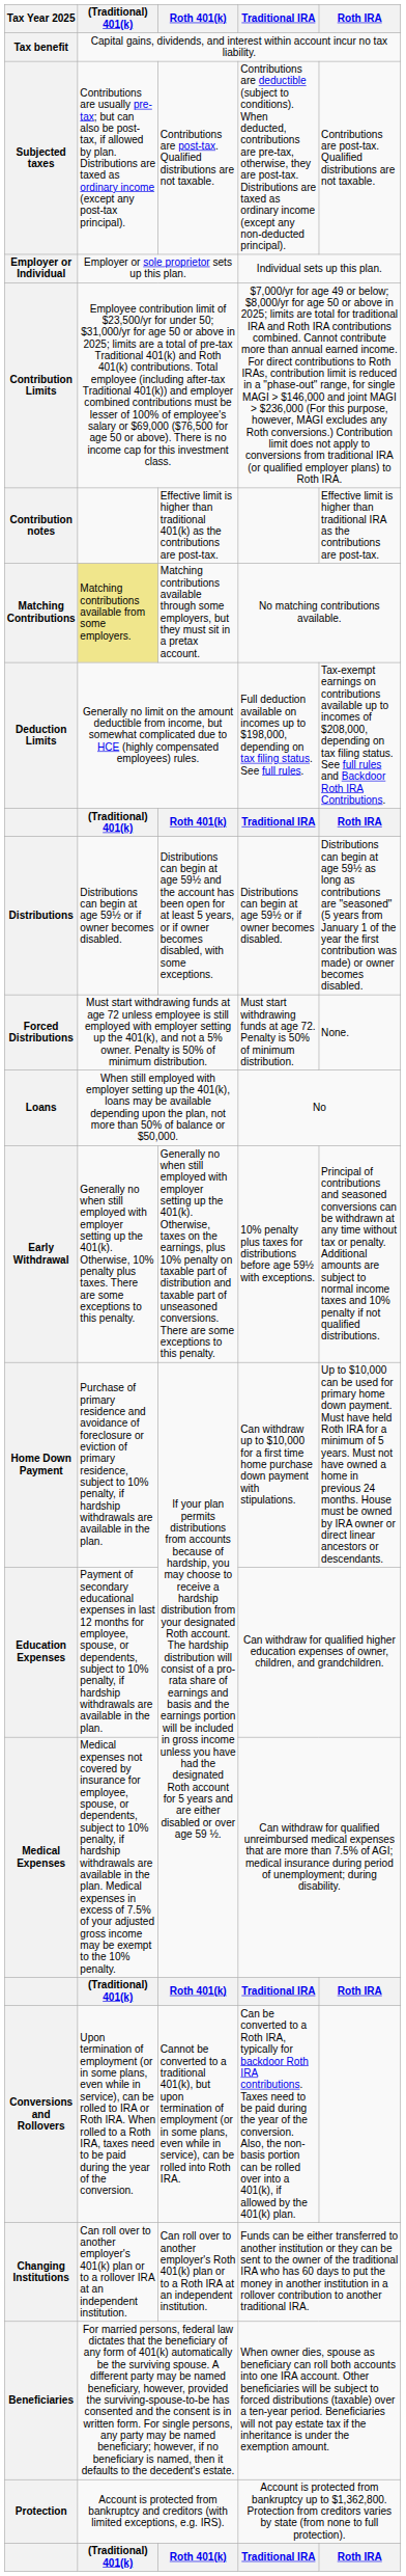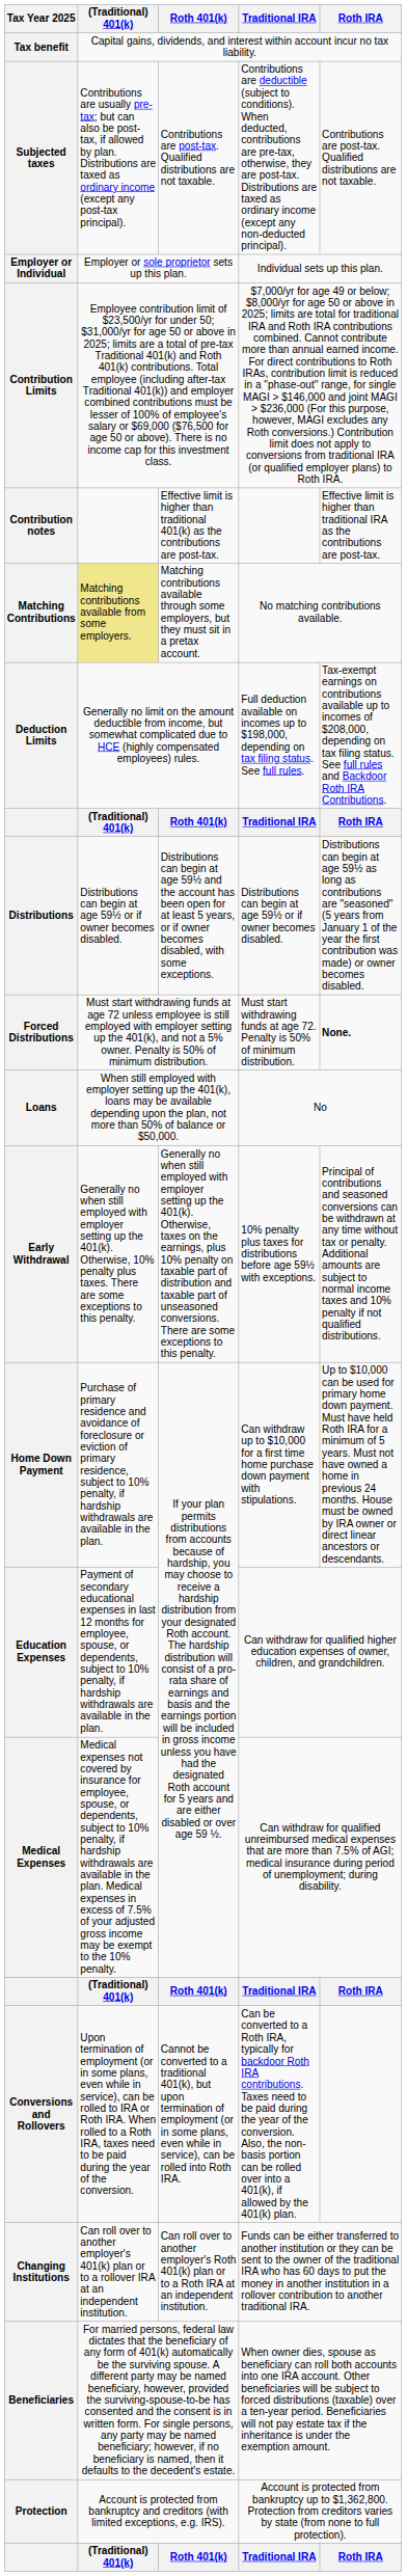 <table class="wikitable">
 <tr agi>
 <th width=4%>Tax Year 2025</th>
 <th width=24%>(Traditional) <a href='#'>401(k)</a></th>
 <th width=24%><a href='#'>Roth 401(k)</a></th>
 <th width=24%><a href='#'>Traditional IRA</a></th>
 <th width=24%><a href='#'>Roth IRA</a></th>
 </tr>
 <tr>
 <th>Tax benefit</th>
 <td colspan="4" align="center">Capital gains, dividends, and interest within account incur no tax liability.</td>
 </tr>
 <tr>
 <th>Subjected taxes</th>
 <td>Contributions are usually <a href='#'>pre-tax</a>; but can also be post-tax, if allowed by plan. Distributions are taxed as <a href='#'>ordinary income</a> (except any post-tax principal).</td>
 <td>Contributions are <a href='#'>post-tax</a>. Qualified distributions are not taxable.</td>
 <td>Contributions are <a href='#'>deductible</a> (subject to conditions). When deducted, contributions are pre-tax, otherwise, they are post-tax. Distributions are taxed as ordinary income (except any non-deducted principal).</td>
 <td>Contributions are post-tax. Qualified distributions are not taxable.</td>
 </tr>
 <tr>
 <th>Employer or Individual</th>
 <td colspan="2" align="center">Employer or <a href='#'>sole proprietor</a> sets up this plan.</td>
 <td colspan="2" align="center">Individual sets up this plan.</td>
 </tr>
 <tr>
 <th>Contribution Limits</th>
 <td colspan="2" align="center">Employee contribution limit of $23,500/yr for under 50; $31,000/yr for age 50 or above in 2025; limits are a total of pre-tax Traditional 401(k) and Roth 401(k) contributions. Total employee (including after-tax Traditional 401(k)) and employer combined contributions must be lesser of 100% of employee's salary or $69,000 ($76,500 for age 50 or above). There is no income cap for this investment class.</td>
 <td colspan="2" align="center">$7,000/yr for age 49 or below; $8,000/yr for age 50 or above in 2025; limits are total for traditional IRA and Roth IRA contributions combined. Cannot contribute more than annual earned income. For direct contributions to Roth IRAs, contribution limit is reduced in a "phase-out" range, for single MAGI > $146,000 and joint MAGI > $236,000 (For this purpose, however, MAGI excludes any Roth conversions.)  Contribution limit does not apply to conversions from traditional IRA (or qualified employer plans) to Roth IRA.</td>
 </tr>
 <tr>
 <th>Contribution notes</th>
 <td></td>
 <td>Effective limit is higher than traditional 401(k) as the contributions are post-tax.</td>
 <td></td>
 <td>Effective limit is higher than traditional IRA as the contributions are post-tax.</td>
 </tr>
 <tr>
 <th>Matching Contributions</th>
 <td style="background: khaki;">Matching contributions available from some employers.</td>
 <td>Matching contributions available through some employers, but they must sit in a pretax account.</td>
 <td colspan="2" align="center">No matching contributions available.</td>
 </tr>
 <tr>
 <th>Deduction Limits</th>
 <td colspan="2" align="center">Generally no limit on the amount deductible from income, but somewhat complicated due to <a href='#'>HCE</a> (highly compensated employees) rules.</td>
 <td>Full deduction available on incomes up to $198,000, depending on <a href='#'>tax filing status</a>. See <a href='#'>full rules</a>.</td>
 <td>Tax-exempt earnings on contributions available up to incomes of $208,000, depending on tax filing status. See <a href='#'>full rules</a> and <a href='#'>Backdoor Roth IRA Contributions</a>.</td>
 </tr>
 <tr>
 <th></th>
 <th>(Traditional) <a href='#'>401(k)</a></th>
 <th><a href='#'>Roth 401(k)</a></th>
 <th><a href='#'>Traditional IRA</a></th>
 <th><a href='#'>Roth IRA</a></th>
 </tr>
 <tr>
 <th>Distributions</th>
 <td>Distributions can begin at age 59½ or if owner becomes disabled.</td>
 <td>Distributions can begin at age 59½ and the account has been open for at least 5 years, or if owner becomes disabled, with some exceptions.</td>
 <td>Distributions can begin at age 59½ or if owner becomes disabled.</td>
 <td>Distributions can begin at age 59½ as long as contributions are "seasoned" (5 years from January 1 of the year the first contribution was made) or owner becomes disabled.</td>
 </tr>
 <tr>
 <th>Forced Distributions</th>
 <td colspan="2" align="center">Must start withdrawing funds at age 72 unless employee is still employed with employer setting up the 401(k), and not a 5% owner. Penalty is 50% of minimum distribution.</td>
 <td>Must start withdrawing funds at age 72. Penalty is 50% of minimum distribution.</td>
-<td>None.</td>
+<td><strong>None.</strong></td>
 </tr>
 <tr>
 <th>Loans</th>
 <td colspan="2" align="center">When still employed with employer setting up the 401(k), loans may be available depending upon the plan, not more than 50% of balance or $50,000.</td>
 <td colspan="2" align="center">No</td>
 </tr>
 <tr>
 <th>Early Withdrawal</th>
 <td>Generally no when still employed with employer setting up the 401(k). Otherwise, 10% penalty plus taxes. There are some exceptions to this penalty.</td>
 <td>Generally no when still employed with employer setting up the 401(k). Otherwise, taxes on the earnings, plus 10% penalty on taxable part of distribution and taxable part of unseasoned conversions. There are some exceptions to this penalty.</td>
 <td>10% penalty plus taxes for distributions before age 59½ with exceptions.</td>
 <td>Principal of contributions and seasoned conversions can be withdrawn at any time without tax or penalty. Additional amounts are subject to normal income taxes and 10% penalty if not qualified distributions.</td>
 </tr>
 <tr>
 <th>Home Down Payment</th>
 <td>Purchase of primary residence and avoidance of foreclosure or eviction of primary residence, subject to 10% penalty, if hardship withdrawals are available in the plan.</td>
 <td rowspan="3" align="center">If your plan permits distributions from accounts because of hardship, you may choose to receive a hardship distribution from your designated Roth account. The hardship distribution will consist of a pro-rata share of earnings and basis and the earnings portion will be included in gross income unless you have had the designated Roth account for 5 years and are either disabled or over age 59 ½.</td>
 <td>Can withdraw up to $10,000 for a first time home purchase down payment with stipulations.</td>
 <td>Up to $10,000 can be used for primary home down payment. Must have held Roth IRA for a minimum of 5 years. Must not have owned a home in previous 24 months. House must be owned by IRA owner or direct linear ancestors or descendants.</td>
 </tr>
 <tr>
 <th>Education Expenses</th>
 <td>Payment of secondary educational expenses in last 12 months for employee, spouse, or dependents, subject to 10% penalty, if hardship withdrawals are available in the plan.</td>
 <td colspan="2" align="center">Can withdraw for qualified higher education expenses of owner, children, and grandchildren.</td>
 </tr>
 <tr>
 <th>Medical Expenses</th>
 <td>Medical expenses not covered by insurance for employee, spouse, or dependents, subject to 10% penalty, if hardship withdrawals are available in the plan. Medical expenses in excess of 7.5% of your adjusted gross income may be exempt to the 10% penalty.</td>
 <td colspan="2" align="center">Can withdraw for qualified unreimbursed medical expenses that are more than 7.5% of AGI; medical insurance during period of unemployment; during disability.</td>
 </tr>
 <tr>
 <th></th>
 <th>(Traditional) <a href='#'>401(k)</a></th>
 <th><a href='#'>Roth 401(k)</a></th>
 <th><a href='#'>Traditional IRA</a></th>
 <th><a href='#'>Roth IRA</a></th>
 </tr>
 <tr>
 <th>Conversions and Rollovers</th>
 <td>Upon termination of employment (or in some plans, even while in service), can be rolled to IRA or Roth IRA.  When rolled to a Roth IRA, taxes need to be paid during the year of the conversion.</td>
 <td>Cannot be converted to a traditional 401(k), but upon termination of employment (or in some plans, even while in service), can be rolled into Roth IRA.</td>
 <td>Can be converted to a Roth IRA, typically for <a href='#'>backdoor Roth IRA contributions</a>. Taxes need to be paid during the year of the conversion. Also, the non-basis portion can be rolled over into a 401(k), if allowed by the 401(k) plan.</td>
 <td></td>
 </tr>
 <tr>
 <th>Changing Institutions</th>
 <td>Can roll over to another employer's 401(k) plan or to a rollover IRA at an independent institution.</td>
 <td>Can roll over to another employer's Roth 401(k) plan or to a Roth IRA at an independent institution.</td>
 <td colspan="2">Funds can be either transferred to another institution or they can be sent to the owner of the traditional IRA who has 60 days to put the money in another institution in a rollover contribution to another traditional IRA.</td>
 </tr>
 <tr>
 <th>Beneficiaries</th>
 <td colspan="2" align="center">For married persons, federal law dictates that the beneficiary of any form of 401(k) automatically be the surviving spouse. A different party may be named beneficiary, however, provided the surviving-spouse-to-be has consented and the consent is in written form. For single persons, any party may be named beneficiary; however, if no beneficiary is named, then it defaults to the decedent's estate.</td>
 <td colspan="2">When owner dies, spouse as beneficiary can roll both accounts into one IRA account. Other beneficiaries will be subject to forced distributions (taxable) over a ten-year period. Beneficiaries will not pay estate tax if the inheritance is under the exemption amount.</td>
 </tr>
 <tr>
 <th>Protection</th>
 <td colspan="2" align="center">Account is protected from bankruptcy and creditors (with limited exceptions, e.g. IRS).</td>
 <td colspan="2" align="center">Account is protected from bankruptcy up to $1,362,800. Protection from creditors varies by state (from none to full protection).</td>
 </tr>
 <tr>
 <th></th>
 <th>(Traditional) <a href='#'>401(k)</a></th>
 <th><a href='#'>Roth 401(k)</a></th>
 <th><a href='#'>Traditional IRA</a></th>
 <th><a href='#'>Roth IRA</a></th>
 </tr>
 </table>
